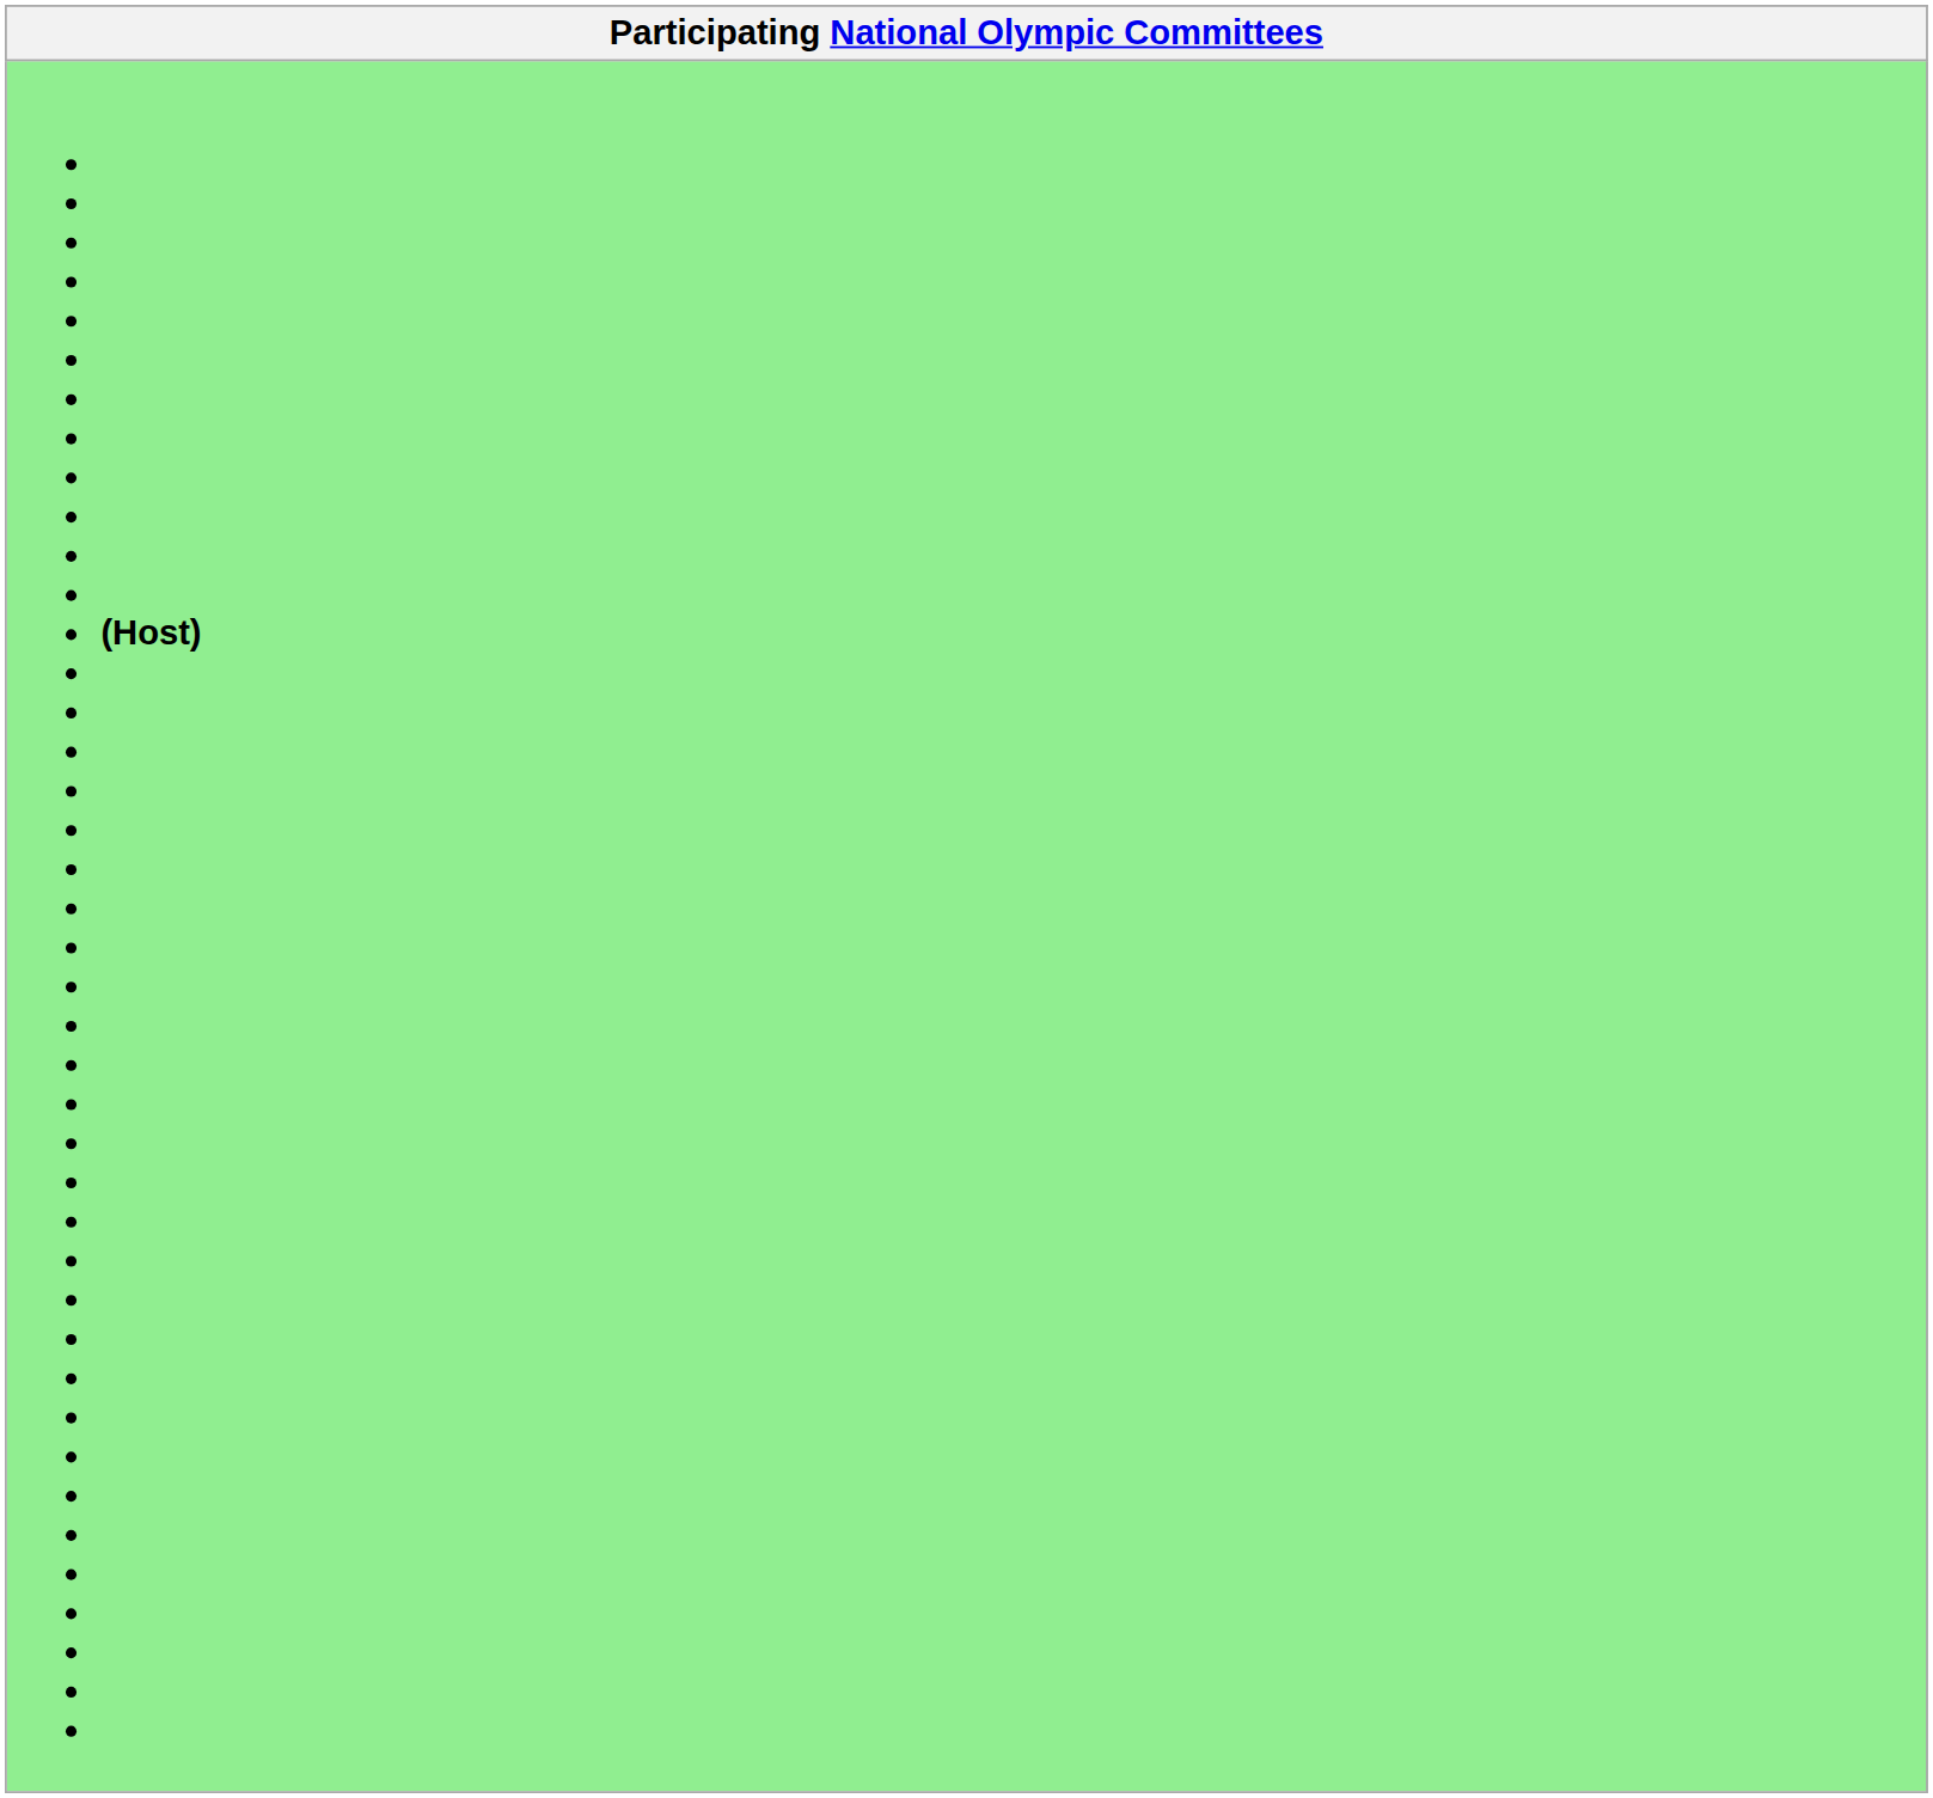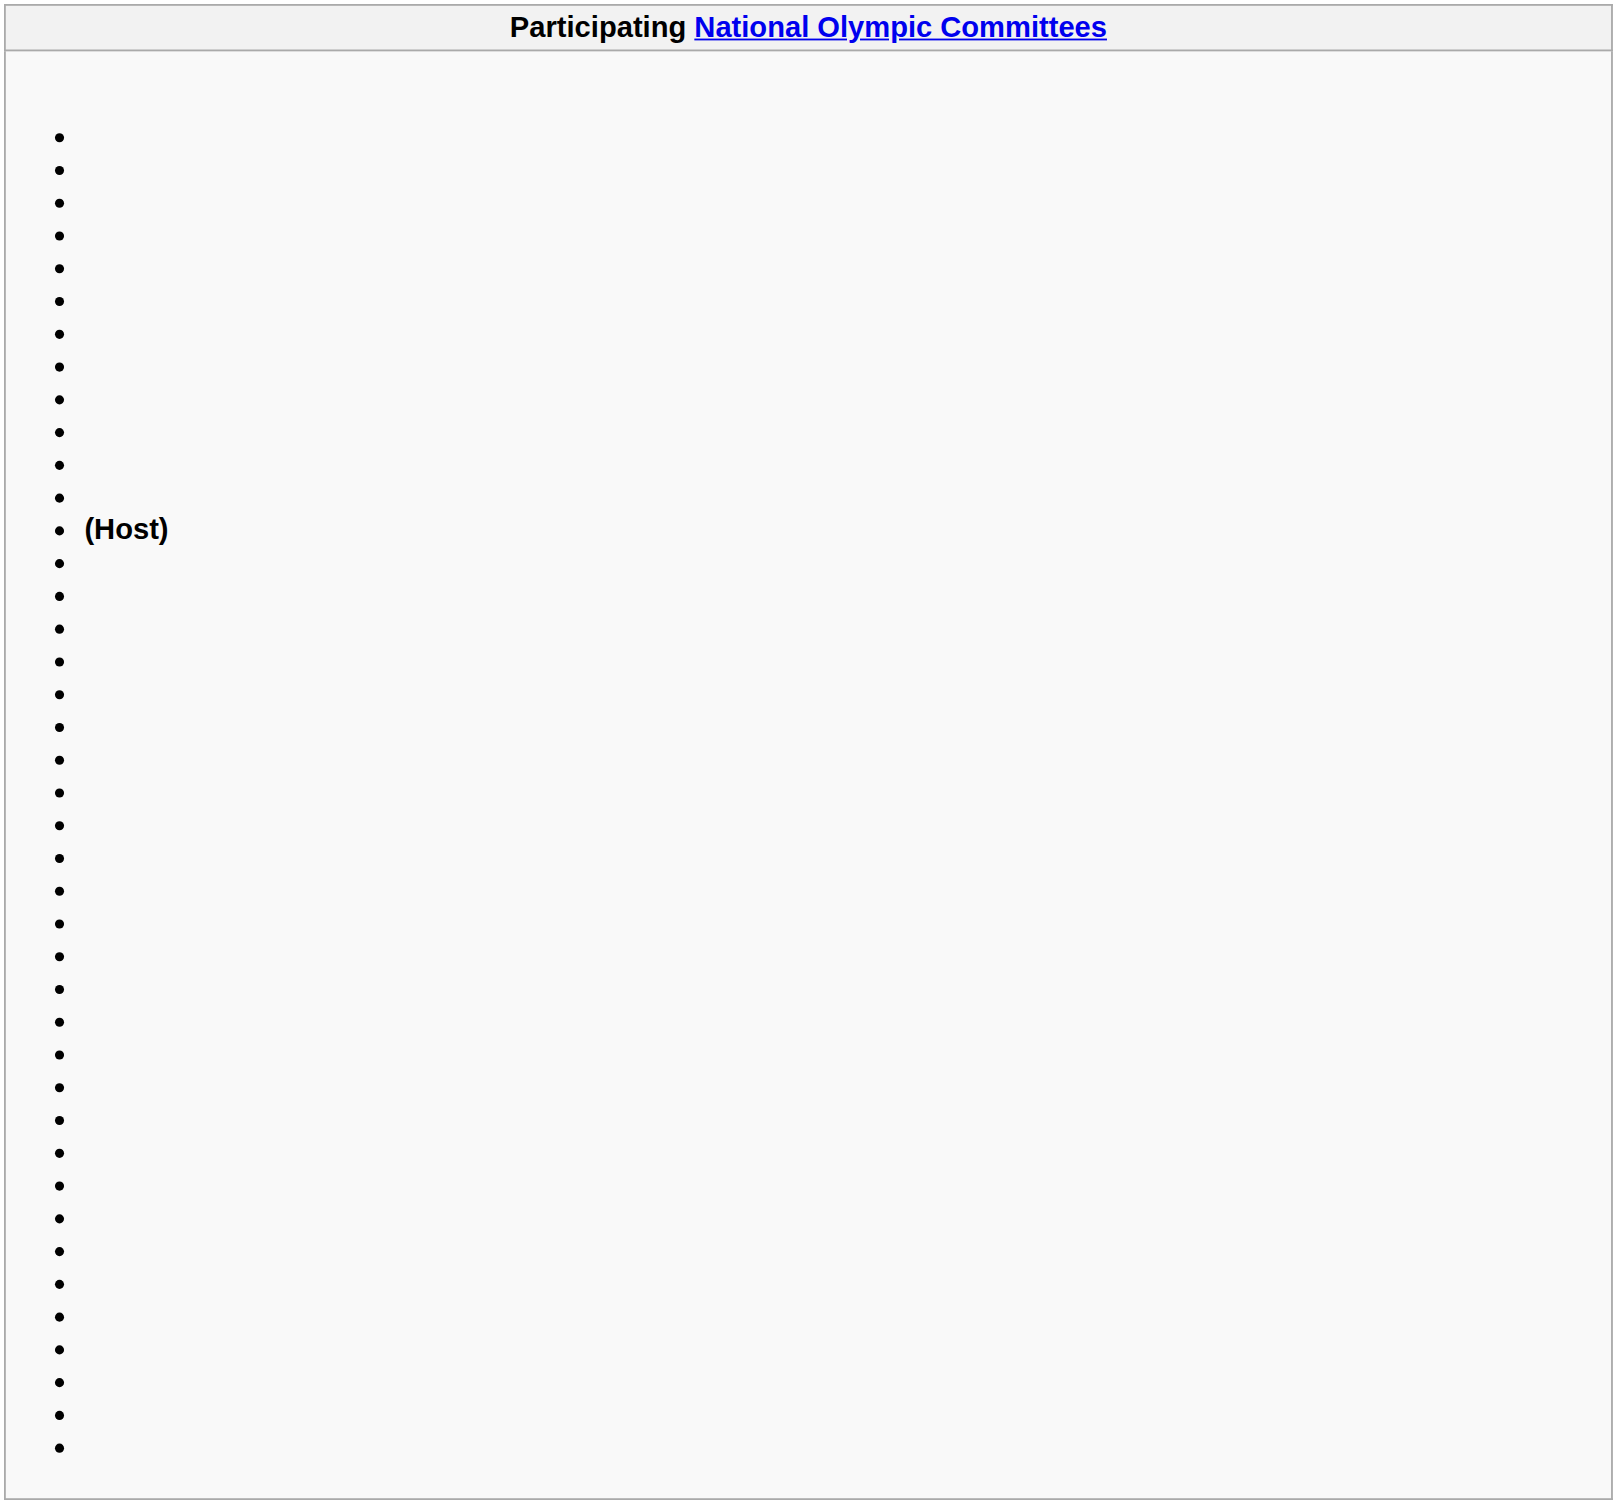 <table class="wikitable mw-collapsible" style="width:100%;">
 <tr>
 <th>Participating <a href='#'>National Olympic Committees</a></th>
 </tr>
 <tr>
-<td style="background: lightgreen;"><br><ul><li></li><li></li><li></li><li></li><li></li><li></li><li></li><li></li><li></li><li></li><li></li><li></li><li> <strong>(Host)</strong></li><li></li><li></li><li></li><li></li><li></li><li></li><li></li><li></li><li></li><li></li><li></li><li></li><li></li><li></li><li></li><li></li><li></li><li></li><li></li><li></li><li></li><li></li><li></li><li></li><li></li><li></li><li></li><li></li></ul></td>
+<td><br><ul><li></li><li></li><li></li><li></li><li></li><li></li><li></li><li></li><li></li><li></li><li></li><li></li><li> <strong>(Host)</strong></li><li></li><li></li><li></li><li></li><li></li><li></li><li></li><li></li><li></li><li></li><li></li><li></li><li></li><li></li><li></li><li></li><li></li><li></li><li></li><li></li><li></li><li></li><li></li><li></li><li></li><li></li><li></li><li></li></ul></td>
 </tr>
 </table>
